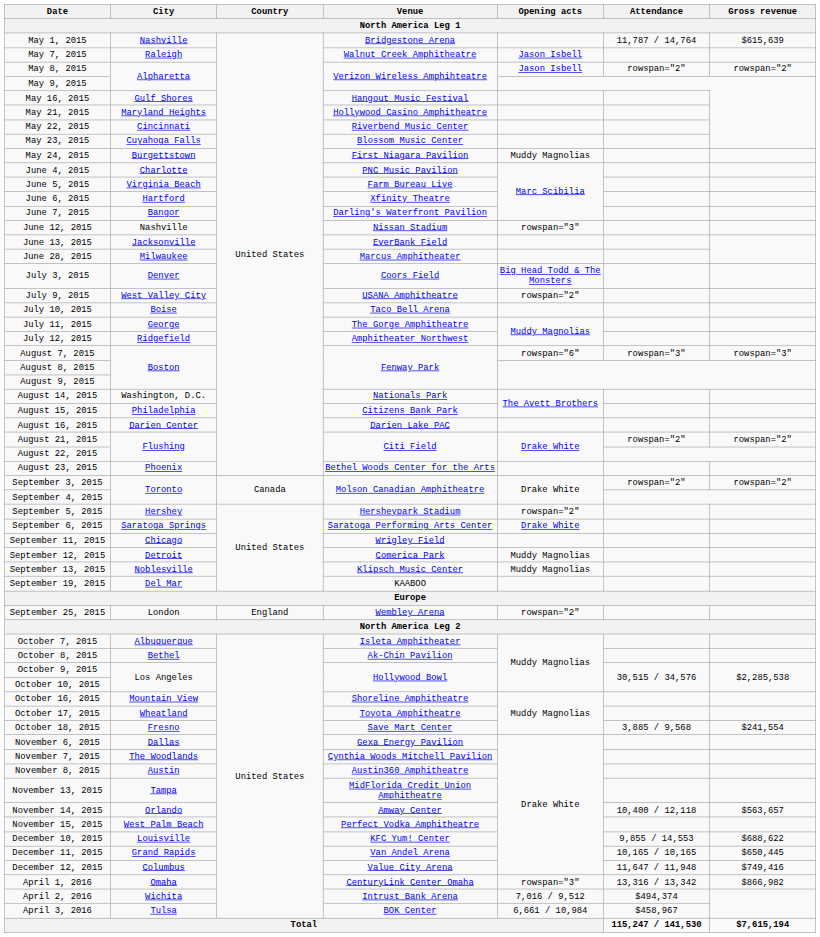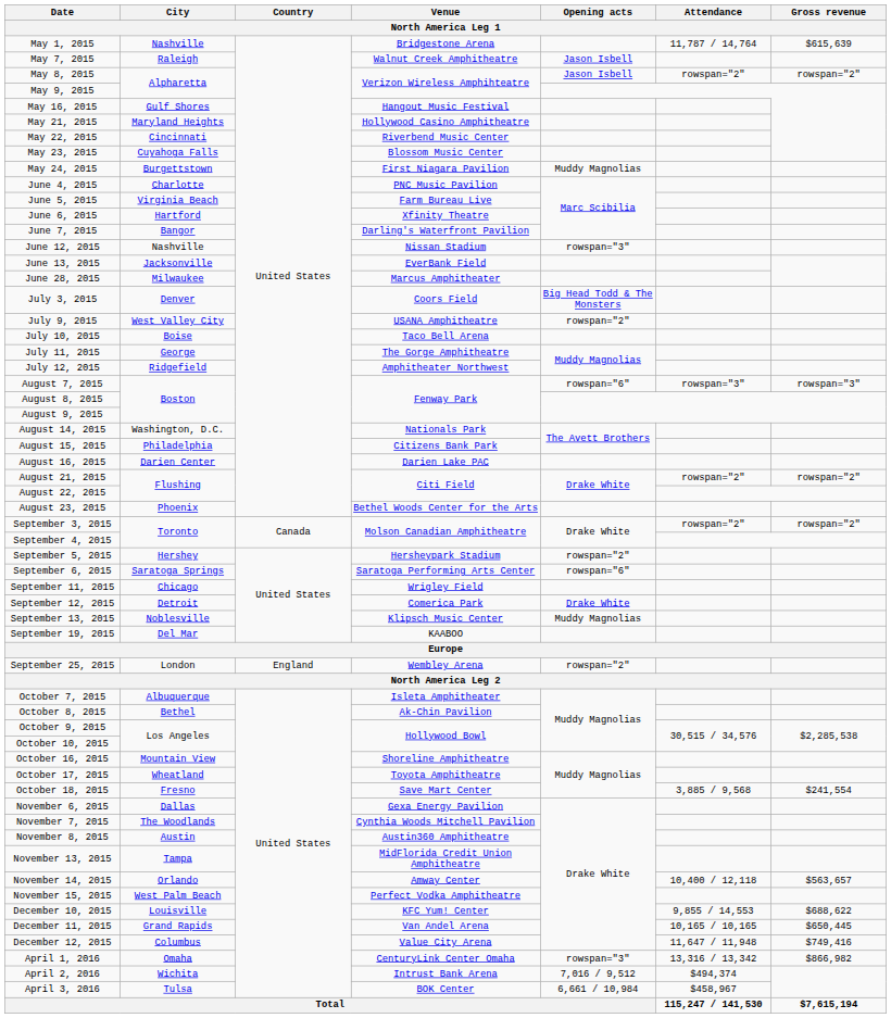 <table class="wikitable" style="text-align:center;">
 <tr>
 <th width="150">Date</th>
 <th width="150">City</th>
 <th width="150">Country</th>
 <th width="250">Venue</th>
 <th width="150">Opening acts</th>
 <th width="150">Attendance</th>
 <th width="150">Gross revenue</th>
 </tr>
 <tr>
 <th colspan="7">North America Leg 1 </th>
 </tr>
 <tr>
 <td>May 1, 2015</td>
 <td><a href='#'>Nashville</a></td>
 <td rowspan="30">United States</td>
 <td><a href='#'>Bridgestone Arena</a></td>
 <td></td>
 <td>11,787 / 14,764</td>
 <td>$615,639</td>
 </tr>
 <tr>
 <td>May 7, 2015</td>
 <td><a href='#'>Raleigh</a></td>
 <td><a href='#'>Walnut Creek Amphitheatre</a></td>
 <td><a href='#'>Jason Isbell</a></td>
 <td></td>
 <td></td>
 </tr>
 <tr>
 <td>May 8, 2015</td>
 <td rowspan="2"><a href='#'>Alpharetta</a></td>
 <td rowspan="2"><a href='#'>Verizon Wireless Amphihteatre</a></td>
 <td><a href='#'>Jason Isbell</a></td>
 <td>rowspan="2" </td>
 <td>rowspan="2" </td>
 </tr>
 <tr>
 <td>May 9, 2015</td>
 </tr>
 <tr>
 <td>May 16, 2015 </td>
 <td><a href='#'>Gulf Shores</a></td>
 <td><a href='#'>Hangout Music Festival</a></td>
 <td></td>
 <td></td>
 </tr>
 <tr>
 <td>May 21, 2015</td>
 <td><a href='#'>Maryland Heights</a></td>
 <td><a href='#'>Hollywood Casino Amphitheatre</a></td>
 <td></td>
 <td></td>
 </tr>
 <tr>
 <td>May 22, 2015</td>
 <td><a href='#'>Cincinnati</a></td>
 <td><a href='#'>Riverbend Music Center</a></td>
 <td></td>
 <td></td>
 </tr>
 <tr>
 <td>May 23, 2015</td>
 <td><a href='#'>Cuyahoga Falls</a></td>
 <td><a href='#'>Blossom Music Center</a></td>
 <td></td>
 <td></td>
 </tr>
 <tr>
 <td>May 24, 2015</td>
 <td><a href='#'>Burgettstown</a></td>
 <td><a href='#'>First Niagara Pavilion</a></td>
 <td>Muddy Magnolias</td>
 <td></td>
 <td></td>
 </tr>
 <tr>
 <td>June 4, 2015</td>
 <td><a href='#'>Charlotte</a></td>
 <td><a href='#'>PNC Music Pavilion</a></td>
 <td rowspan="4"><a href='#'>Marc Scibilia</a></td>
 <td></td>
 <td></td>
 </tr>
 <tr>
 <td>June 5, 2015</td>
 <td><a href='#'>Virginia Beach</a></td>
 <td><a href='#'>Farm Bureau Live</a></td>
 <td></td>
 <td></td>
 </tr>
 <tr>
 <td>June 6, 2015</td>
 <td><a href='#'>Hartford</a></td>
 <td><a href='#'>Xfinity Theatre</a></td>
 <td></td>
 <td></td>
 </tr>
 <tr>
 <td>June 7, 2015</td>
 <td><a href='#'>Bangor</a></td>
 <td><a href='#'>Darling's Waterfront Pavilion</a></td>
 <td></td>
 <td></td>
 </tr>
 <tr>
 <td>June 12, 2015 </td>
 <td>Nashville</td>
 <td><a href='#'>Nissan Stadium</a></td>
 <td>rowspan="3" </td>
 <td></td>
 <td></td>
 </tr>
 <tr>
 <td>June 13, 2015 </td>
 <td><a href='#'>Jacksonville</a></td>
 <td><a href='#'>EverBank Field</a></td>
 <td></td>
 <td></td>
 </tr>
 <tr>
 <td>June 28, 2015 </td>
 <td><a href='#'>Milwaukee</a></td>
 <td><a href='#'>Marcus Amphitheater</a></td>
 <td></td>
 <td></td>
 </tr>
 <tr>
 <td>July 3, 2015</td>
 <td><a href='#'>Denver</a></td>
 <td><a href='#'>Coors Field</a></td>
 <td><a href='#'>Big Head Todd & The Monsters</a></td>
 <td></td>
 <td></td>
 </tr>
 <tr>
 <td>July 9, 2015</td>
 <td><a href='#'>West Valley City</a></td>
 <td><a href='#'>USANA Amphitheatre</a></td>
 <td>rowspan="2" </td>
 <td></td>
 <td></td>
 </tr>
 <tr>
 <td>July 10, 2015</td>
 <td><a href='#'>Boise</a></td>
 <td><a href='#'>Taco Bell Arena</a></td>
 <td></td>
 <td></td>
 </tr>
 <tr>
 <td>July 11, 2015</td>
 <td><a href='#'>George</a></td>
 <td><a href='#'>The Gorge Amphitheatre</a></td>
 <td rowspan="2"><a href='#'>Muddy Magnolias</a></td>
 <td></td>
 <td></td>
 </tr>
 <tr>
 <td>July 12, 2015</td>
 <td><a href='#'>Ridgefield</a></td>
 <td><a href='#'>Amphitheater Northwest</a></td>
 <td></td>
 <td></td>
 </tr>
 <tr>
 <td>August 7, 2015</td>
 <td rowspan="3"><a href='#'>Boston</a></td>
 <td rowspan="3"><a href='#'>Fenway Park</a></td>
 <td>rowspan="6" </td>
 <td>rowspan="3" </td>
 <td>rowspan="3" </td>
 </tr>
 <tr>
 <td>August 8, 2015</td>
 </tr>
 <tr>
 <td>August 9, 2015</td>
 </tr>
 <tr>
 <td>August 14, 2015</td>
 <td>Washington, D.C.</td>
 <td><a href='#'>Nationals Park</a></td>
 <td rowspan="2"><a href='#'>The Avett Brothers</a></td>
 <td></td>
 <td></td>
 </tr>
 <tr>
 <td>August 15, 2015</td>
 <td><a href='#'>Philadelphia</a></td>
 <td><a href='#'>Citizens Bank Park</a></td>
 <td></td>
 <td></td>
 </tr>
 <tr>
 <td>August 16, 2015</td>
 <td><a href='#'>Darien Center</a></td>
 <td><a href='#'>Darien Lake PAC</a></td>
 <td></td>
 <td></td>
 <td></td>
 </tr>
 <tr>
 <td>August 21, 2015</td>
 <td rowspan="2"><a href='#'>Flushing</a></td>
 <td rowspan="2"><a href='#'>Citi Field</a></td>
 <td rowspan="2"><a href='#'>Drake White</a></td>
 <td>rowspan="2" </td>
 <td>rowspan="2" </td>
 </tr>
 <tr>
 <td>August 22, 2015</td>
 </tr>
 <tr>
 <td>August 23, 2015</td>
 <td><a href='#'>Phoenix</a></td>
 <td><a href='#'>Bethel Woods Center for the Arts</a></td>
 <td></td>
 <td></td>
 <td></td>
 </tr>
 <tr>
 <td>September 3, 2015</td>
 <td rowspan="2"><a href='#'>Toronto</a></td>
 <td rowspan="2">Canada</td>
 <td rowspan="2"><a href='#'>Molson Canadian Amphitheatre</a></td>
 <td rowspan="2">Drake White</td>
 <td>rowspan="2" </td>
 <td>rowspan="2" </td>
 </tr>
 <tr>
 <td>September 4, 2015</td>
 </tr>
 <tr>
 <td>September 5, 2015</td>
 <td><a href='#'>Hershey</a></td>
 <td rowspan="6">United States</td>
 <td><a href='#'>Hersheypark Stadium</a></td>
 <td>rowspan="2" </td>
 <td></td>
 <td></td>
 </tr>
 <tr>
 <td>September 6, 2015</td>
 <td><a href='#'>Saratoga Springs</a></td>
 <td><a href='#'>Saratoga Performing Arts Center</a></td>
-<td><a href='#'>Drake White</a></td>
+<td>rowspan="6" </td>
 <td></td>
 <td></td>
 </tr>
 <tr>
 <td>September 11, 2015</td>
 <td><a href='#'>Chicago</a></td>
 <td><a href='#'>Wrigley Field</a></td>
 <td></td>
 <td></td>
 <td></td>
 </tr>
 <tr>
 <td>September 12, 2015</td>
 <td><a href='#'>Detroit</a></td>
 <td><a href='#'>Comerica Park</a></td>
-<td>Muddy Magnolias</td>
+<td><a href='#'>Drake White</a></td>
 <td></td>
 <td></td>
 </tr>
 <tr>
 <td>September 13, 2015</td>
 <td><a href='#'>Noblesville</a></td>
 <td><a href='#'>Klipsch Music Center</a></td>
 <td>Muddy Magnolias</td>
 <td></td>
 <td></td>
 </tr>
 <tr>
 <td>September 19, 2015</td>
 <td><a href='#'>Del Mar</a></td>
 <td>KAABOO</td>
 <td></td>
 <td></td>
 <td></td>
 </tr>
 <tr>
 <th colspan="7">Europe</th>
 </tr>
 <tr>
 <td>September 25, 2015</td>
 <td>London</td>
 <td>England</td>
 <td><a href='#'>Wembley Arena</a></td>
 <td>rowspan="2" </td>
 <td></td>
 <td></td>
 </tr>
 <tr>
 <th colspan="7">North America Leg 2 </th>
 </tr>
 <tr>
 <td>October 7, 2015</td>
 <td><a href='#'>Albuquerque</a></td>
 <td rowspan="19">United States</td>
 <td><a href='#'>Isleta Amphitheater</a></td>
 <td rowspan="4">Muddy Magnolias</td>
 <td></td>
 <td></td>
 </tr>
 <tr>
 <td>October 8, 2015</td>
 <td><a href='#'>Bethel</a></td>
 <td><a href='#'>Ak-Chin Pavilion</a></td>
 <td></td>
 <td></td>
 </tr>
 <tr>
 <td>October 9, 2015</td>
 <td rowspan="2">Los Angeles</td>
 <td rowspan="2"><a href='#'>Hollywood Bowl</a></td>
 <td rowspan="2">30,515 / 34,576</td>
 <td rowspan="2">$2,285,538</td>
 </tr>
 <tr>
 <td>October 10, 2015</td>
 </tr>
 <tr>
 <td>October 16, 2015</td>
 <td><a href='#'>Mountain View</a></td>
 <td><a href='#'>Shoreline Amphitheatre</a></td>
 <td rowspan="3">Muddy Magnolias</td>
 <td></td>
 <td></td>
 </tr>
 <tr>
 <td>October 17, 2015</td>
 <td><a href='#'>Wheatland</a></td>
 <td><a href='#'>Toyota Amphitheatre</a></td>
 <td></td>
 <td></td>
 </tr>
 <tr>
 <td>October 18, 2015</td>
 <td><a href='#'>Fresno</a></td>
 <td><a href='#'>Save Mart Center</a></td>
 <td>3,885 / 9,568</td>
 <td>$241,554</td>
 </tr>
 <tr>
 <td>November 6, 2015</td>
 <td><a href='#'>Dallas</a></td>
 <td><a href='#'>Gexa Energy Pavilion</a></td>
 <td rowspan="9">Drake White</td>
 <td></td>
 <td></td>
 </tr>
 <tr>
 <td>November 7, 2015</td>
 <td><a href='#'>The Woodlands</a></td>
 <td><a href='#'>Cynthia Woods Mitchell Pavilion</a></td>
 <td></td>
 <td></td>
 </tr>
 <tr>
 <td>November 8, 2015</td>
 <td><a href='#'>Austin</a></td>
 <td><a href='#'>Austin360 Amphitheatre</a></td>
 <td></td>
 <td></td>
 </tr>
 <tr>
 <td>November 13, 2015</td>
 <td><a href='#'>Tampa</a></td>
 <td><a href='#'>MidFlorida Credit Union Amphitheatre</a></td>
 <td></td>
 <td></td>
 </tr>
 <tr>
 <td>November 14, 2015</td>
 <td><a href='#'>Orlando</a></td>
 <td><a href='#'>Amway Center</a></td>
 <td>10,400 / 12,118</td>
 <td>$563,657</td>
 </tr>
 <tr>
 <td>November 15, 2015</td>
 <td><a href='#'>West Palm Beach</a></td>
 <td><a href='#'>Perfect Vodka Amphitheatre</a></td>
 <td></td>
 <td></td>
 </tr>
 <tr>
 <td>December 10, 2015</td>
 <td><a href='#'>Louisville</a></td>
 <td><a href='#'>KFC Yum! Center</a></td>
 <td>9,855 / 14,553</td>
 <td>$688,622</td>
 </tr>
 <tr>
 <td>December 11, 2015</td>
 <td><a href='#'>Grand Rapids</a></td>
 <td><a href='#'>Van Andel Arena</a></td>
 <td>10,165 / 10,165</td>
 <td>$650,445</td>
 </tr>
 <tr>
 <td>December 12, 2015</td>
 <td><a href='#'>Columbus</a></td>
 <td><a href='#'>Value City Arena</a></td>
 <td>11,647 / 11,948</td>
 <td>$749,416</td>
 </tr>
 <tr>
 <td>April 1, 2016</td>
 <td><a href='#'>Omaha</a></td>
 <td><a href='#'>CenturyLink Center Omaha</a></td>
 <td>rowspan="3" </td>
 <td>13,316 / 13,342</td>
 <td>$866,982</td>
 </tr>
 <tr>
 <td>April 2, 2016</td>
 <td><a href='#'>Wichita</a></td>
 <td><a href='#'>Intrust Bank Arena</a></td>
 <td>7,016 / 9,512</td>
 <td>$494,374</td>
 </tr>
 <tr>
 <td>April 3, 2016</td>
 <td><a href='#'>Tulsa</a></td>
 <td><a href='#'>BOK Center</a></td>
 <td>6,661 / 10,984</td>
 <td>$458,967</td>
 </tr>
 <tr>
 <th colspan="5">Total</th>
 <td><strong>115,247 / 141,530</strong></td>
 <td><strong>$7,615,194</strong></td>
 </tr>
 </table>
